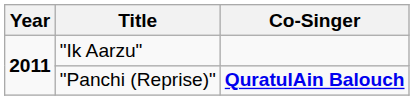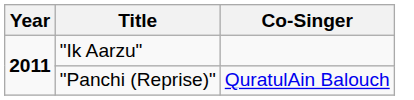 <table class="wikitable" style="font-size: 90%;">
 <tr>
 <th>Year</th>
 <th>Title</th>
 <th>Co-Singer</th>
 </tr>
 <tr>
 <td rowspan="2"><strong>2011</strong></td>
 <td>"Ik Aarzu"</td>
 <td></td>
 </tr>
 <tr>
 <td>"Panchi (Reprise)"</td>
-<td><strong><a href='#'>QuratulAin Balouch</a></strong></td>
+<td><a href='#'>QuratulAin Balouch</a></td>
 </tr>
 </table>
